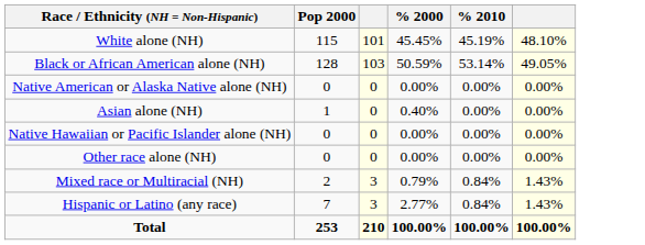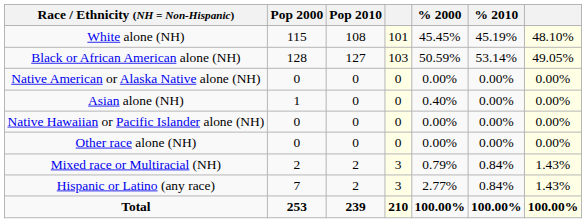 <table class="wikitable"  style="text-align:center;">
 <tr>
 <th>Race / Ethnicity <small>(<em>NH = Non-Hispanic</em>)</small></th>
 <th>Pop 2000</th>
+<th>Pop 2010</th>
 <th></th>
 <th>% 2000</th>
 <th>% 2010</th>
 <th></th>
 </tr>
 <tr>
 <td><a href='#'>White</a> alone (NH)</td>
 <td>115</td>
+<td>108</td>
 <td style='background: #ffffe6;'>101</td>
 <td>45.45%</td>
 <td>45.19%</td>
 <td style='background: #ffffe6;'>48.10%</td>
 </tr>
 <tr>
 <td><a href='#'>Black or African American</a> alone (NH)</td>
 <td>128</td>
+<td>127</td>
 <td style='background: #ffffe6;'>103</td>
 <td>50.59%</td>
 <td>53.14%</td>
 <td style='background: #ffffe6;'>49.05%</td>
 </tr>
 <tr>
 <td><a href='#'>Native American</a> or <a href='#'>Alaska Native</a> alone (NH)</td>
+<td>0</td>
 <td>0</td>
 <td style='background: #ffffe6;'>0</td>
 <td>0.00%</td>
 <td>0.00%</td>
 <td style='background: #ffffe6;'>0.00%</td>
 </tr>
 <tr>
 <td><a href='#'>Asian</a> alone (NH)</td>
 <td>1</td>
+<td>0</td>
 <td style='background: #ffffe6;'>0</td>
 <td>0.40%</td>
 <td>0.00%</td>
 <td style='background: #ffffe6;'>0.00%</td>
 </tr>
 <tr>
 <td><a href='#'>Native Hawaiian</a> or <a href='#'>Pacific Islander</a> alone (NH)</td>
+<td>0</td>
 <td>0</td>
 <td style='background: #ffffe6;'>0</td>
 <td>0.00%</td>
 <td>0.00%</td>
 <td style='background: #ffffe6;'>0.00%</td>
 </tr>
 <tr>
 <td><a href='#'>Other race</a> alone (NH)</td>
 <td>0</td>
+<td>0</td>
 <td style='background: #ffffe6;'>0</td>
 <td>0.00%</td>
 <td>0.00%</td>
 <td style='background: #ffffe6;'>0.00%</td>
 </tr>
 <tr>
 <td><a href='#'>Mixed race or Multiracial</a> (NH)</td>
+<td>2</td>
 <td>2</td>
 <td style='background: #ffffe6;'>3</td>
 <td>0.79%</td>
 <td>0.84%</td>
 <td style='background: #ffffe6;'>1.43%</td>
 </tr>
 <tr>
 <td><a href='#'>Hispanic or Latino</a> (any race)</td>
 <td>7</td>
+<td>2</td>
 <td style='background: #ffffe6;'>3</td>
 <td>2.77%</td>
 <td>0.84%</td>
 <td style='background: #ffffe6;'>1.43%</td>
 </tr>
 <tr>
 <td><strong>Total</strong></td>
 <td><strong>253</strong></td>
+<td><strong>239</strong></td>
 <td style='background: #ffffe6;'><strong>210</strong></td>
 <td><strong>100.00%</strong></td>
 <td><strong>100.00%</strong></td>
 <td style='background: #ffffe6;'><strong>100.00%</strong></td>
 </tr>
 </table>
